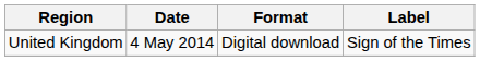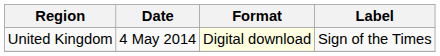 <table class=wikitable>
 <tr>
 <th>Region</th>
 <th>Date</th>
 <th>Format</th>
 <th>Label</th>
 </tr>
 <tr>
 <td>United Kingdom</td>
 <td>4 May 2014</td>
-<td>Digital download</td>
+<td style="background: lightyellow;">Digital download</td>
 <td>Sign of the Times</td>
 </tr>
 <tr>
 </tr>
 </table>
